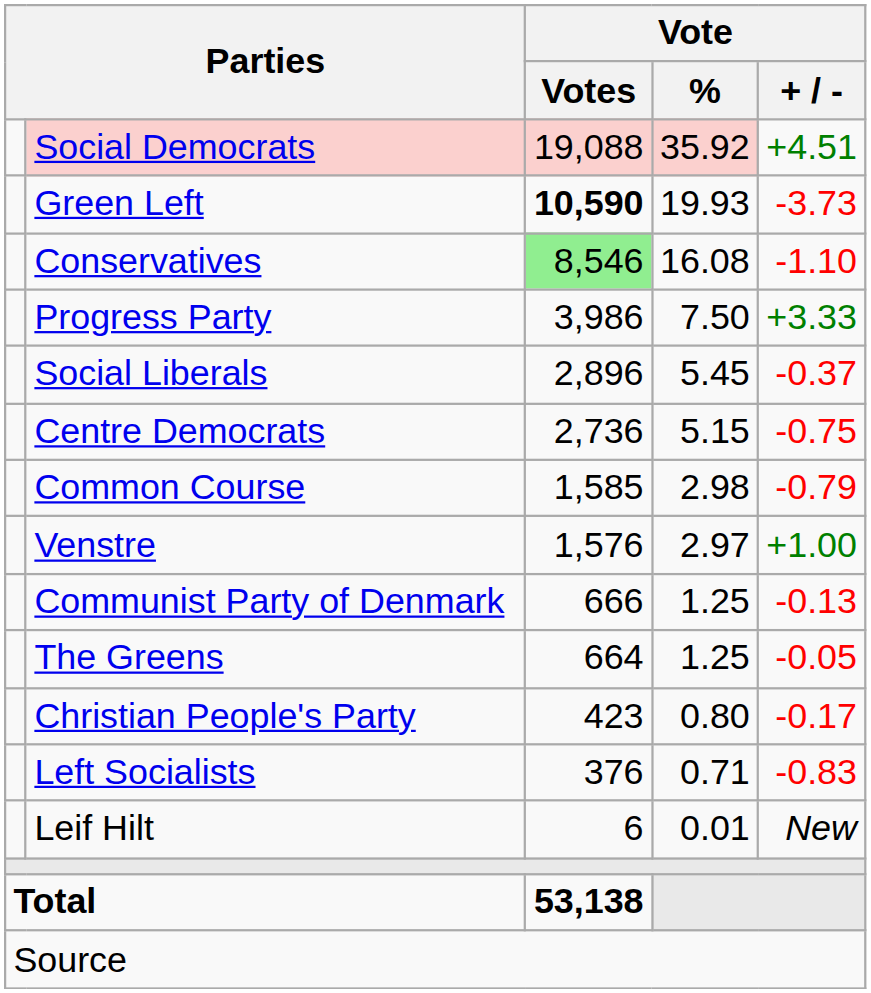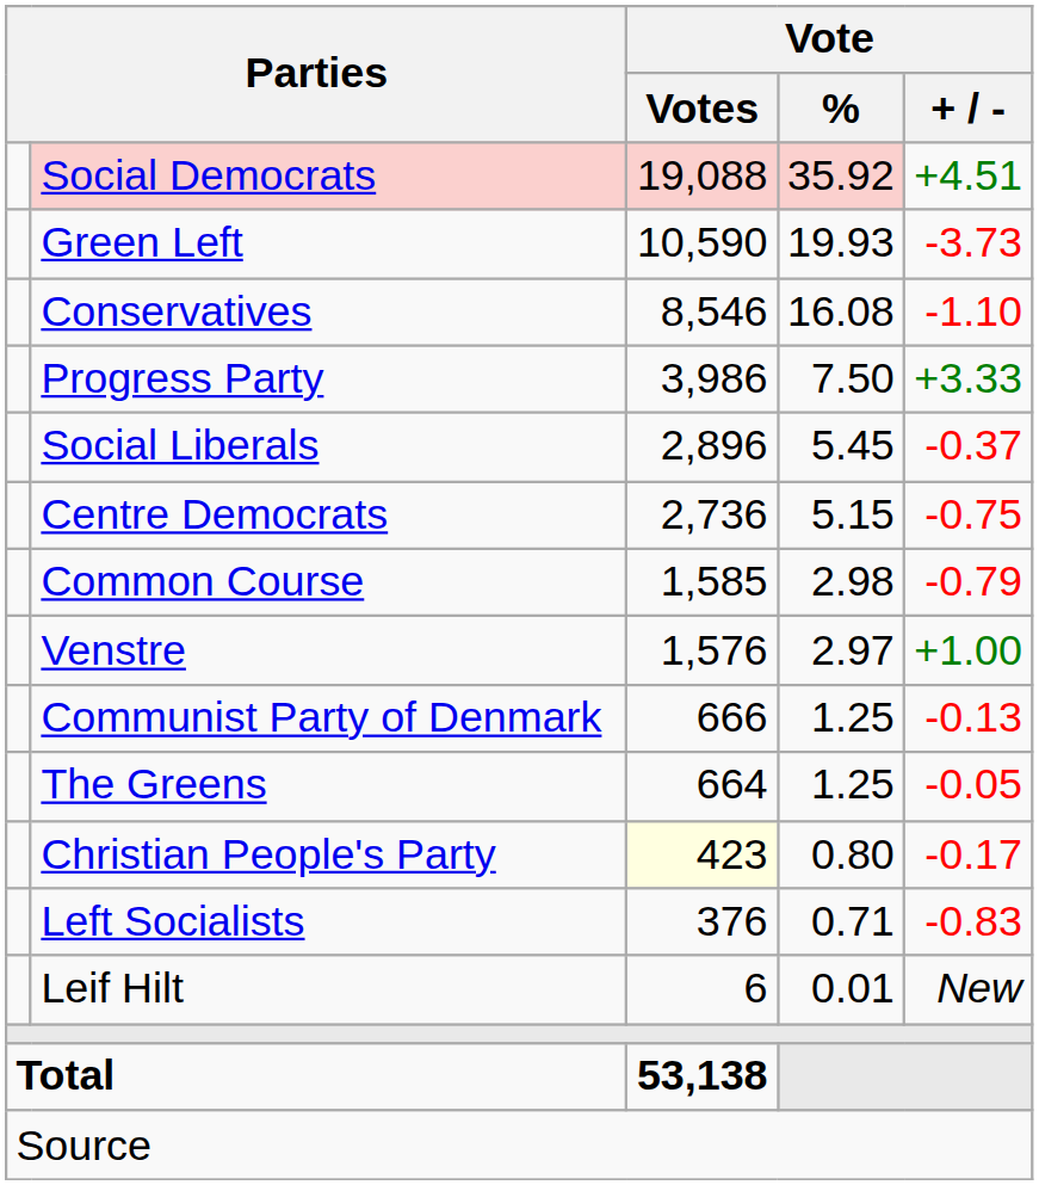 <table class="wikitable" style="text-align:right;">
 <tr>
 <th style="text-align:centre;" rowspan="2" colspan="2" width="225">Parties</th>
 <th colspan="3">Vote</th>
 </tr>
 <tr>
 <th width="15">Votes</th>
 <th width="15">%</th>
 <th width="15">+ / -</th>
 </tr>
 <tr>
 <td width="2" style="color:inherit;background:"></td>
 <td bgcolor=#fbd0ce  align="left"><a href='#'>Social Democrats</a></td>
 <td bgcolor=#fbd0ce>19,088</td>
 <td bgcolor=#fbd0ce>35.92</td>
 <td style=color:green;>+4.51</td>
 </tr>
 <tr>
 <td width="2" style="color:inherit;background:"></td>
 <td align="left"><a href='#'>Green Left</a></td>
-<td><strong>10,590</strong></td>
+<td>10,590</td>
 <td>19.93</td>
 <td style=color:red;>-3.73</td>
 </tr>
 <tr>
 <td width="2" style="color:inherit;background:"></td>
 <td align="left"><a href='#'>Conservatives</a></td>
-<td style="background: lightgreen;">8,546</td>
+<td>8,546</td>
 <td>16.08</td>
 <td style=color:red;>-1.10</td>
 </tr>
 <tr>
 <td width="2" style="color:inherit;background:"></td>
 <td align="left"><a href='#'>Progress Party</a></td>
 <td>3,986</td>
 <td>7.50</td>
 <td style=color:green;>+3.33</td>
 </tr>
 <tr>
 <td width="2" style="color:inherit;background:"></td>
 <td align="left"><a href='#'>Social Liberals</a></td>
 <td>2,896</td>
 <td>5.45</td>
 <td style=color:red;>-0.37</td>
 </tr>
 <tr>
 <td width="2" style="color:inherit;background:"></td>
 <td align="left"><a href='#'>Centre Democrats</a></td>
 <td>2,736</td>
 <td>5.15</td>
 <td style=color:red;>-0.75</td>
 </tr>
 <tr>
 <td width="2" style="color:inherit;background:"></td>
 <td align="left"><a href='#'>Common Course</a></td>
 <td>1,585</td>
 <td>2.98</td>
 <td style=color:red;>-0.79</td>
 </tr>
 <tr>
 <td width="2" style="color:inherit;background:"></td>
 <td align="left"><a href='#'>Venstre</a></td>
 <td>1,576</td>
 <td>2.97</td>
 <td style=color:green;>+1.00</td>
 </tr>
 <tr>
 <td width="2" style="color:inherit;background:"></td>
 <td align="left"><a href='#'>Communist Party of Denmark</a></td>
 <td>666</td>
 <td>1.25</td>
 <td style=color:red;>-0.13</td>
 </tr>
 <tr>
 <td width="2" style="color:inherit;background:"></td>
 <td align="left"><a href='#'>The Greens</a></td>
 <td>664</td>
 <td>1.25</td>
 <td style=color:red;>-0.05</td>
 </tr>
 <tr>
 <td width="2" style="color:inherit;background:"></td>
 <td align="left"><a href='#'>Christian People's Party</a></td>
-<td>423</td>
+<td style="background: lightyellow;">423</td>
 <td>0.80</td>
 <td style=color:red;>-0.17</td>
 </tr>
 <tr>
 <td width="2" style="color:inherit;background:"></td>
 <td align="left"><a href='#'>Left Socialists</a></td>
 <td>376</td>
 <td>0.71</td>
 <td style=color:red;>-0.83</td>
 </tr>
 <tr>
 <td width="2" style="color:inherit;background:"></td>
 <td align="left">Leif Hilt</td>
 <td>6</td>
 <td>0.01</td>
 <td><em>New</em></td>
 </tr>
 <tr>
 <td colspan="7" bgcolor="#E9E9E9"></td>
 </tr>
 <tr>
 <td align="left" colspan="2"><strong>Total</strong></td>
 <td><strong>53,138</strong></td>
 <td bgcolor="#E9E9E9" colspan="2"></td>
 </tr>
 <tr>
 <td align="left" colspan="6">Source</td>
 </tr>
 </table>
